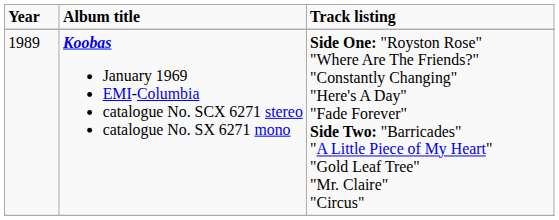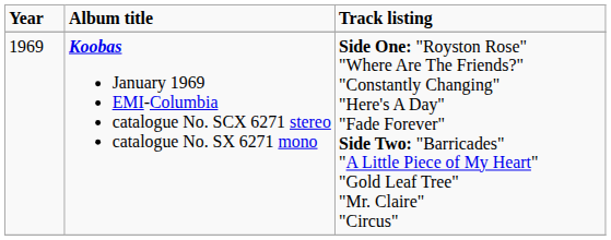 <table class="wikitable">
 <tr>
 <td width="10%"><strong>Year</strong></td>
 <td width="45%"><strong>Album title</strong></td>
 <td width="45%"><strong>Track listing</strong></td>
 </tr>
 <tr>
 </tr>
 <tr valign="top">
-<td>1989</td>
+<td>1969</td>
 <td><strong><em><a href='#'>Koobas</a></em></strong><br><ul><li>January 1969</li><li><a href='#'>EMI</a>-<a href='#'>Columbia</a></li><li>catalogue No. SCX 6271 <a href='#'>stereo</a></li><li>catalogue No. SX 6271 <a href='#'>mono</a></li></ul></td>
 <td><strong>Side One:</strong> "Royston Rose"<br>"Where Are The Friends?"<br>"Constantly Changing"<br>"Here's A Day"<br>"Fade Forever"<br><strong>Side Two:</strong> "Barricades"<br>"<a href='#'>A Little Piece of My Heart</a>"<br>"Gold Leaf Tree"<br>"Mr. Claire"<br>"Circus"</td>
 </tr>
 <tr>
 </tr>
 </table>
